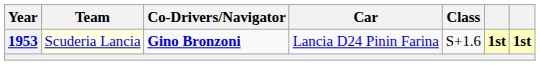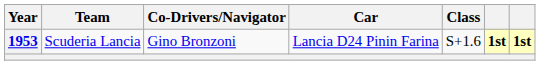 <table class="wikitable" style="text-align:center; font-size:90%">
 <tr>
 <th>Year</th>
 <th>Team</th>
 <th>Co-Drivers/Navigator</th>
 <th>Car</th>
 <th>Class</th>
 <th></th>
 <th></th>
 </tr>
 <tr>
 <th><a href='#'>1953</a></th>
-<td align="left" style="background: lightyellow;"> <a href='#'>Scuderia Lancia</a></td>
-<td align="left"><strong> <a href='#'>Gino Bronzoni</a></strong></td>
+<td align="left"> <a href='#'>Scuderia Lancia</a></td>
+<td align="left"> <a href='#'>Gino Bronzoni</a></td>
 <td align="left"><a href='#'>Lancia D24 Pinin Farina</a></td>
 <td>S+1.6</td>
 <td style="background:#ffffbf;"><strong>1st</strong></td>
 <td style="background:#ffffbf;"><strong>1st</strong></td>
 </tr>
 <tr>
 <th colspan="8"></th>
 </tr>
 </table>
